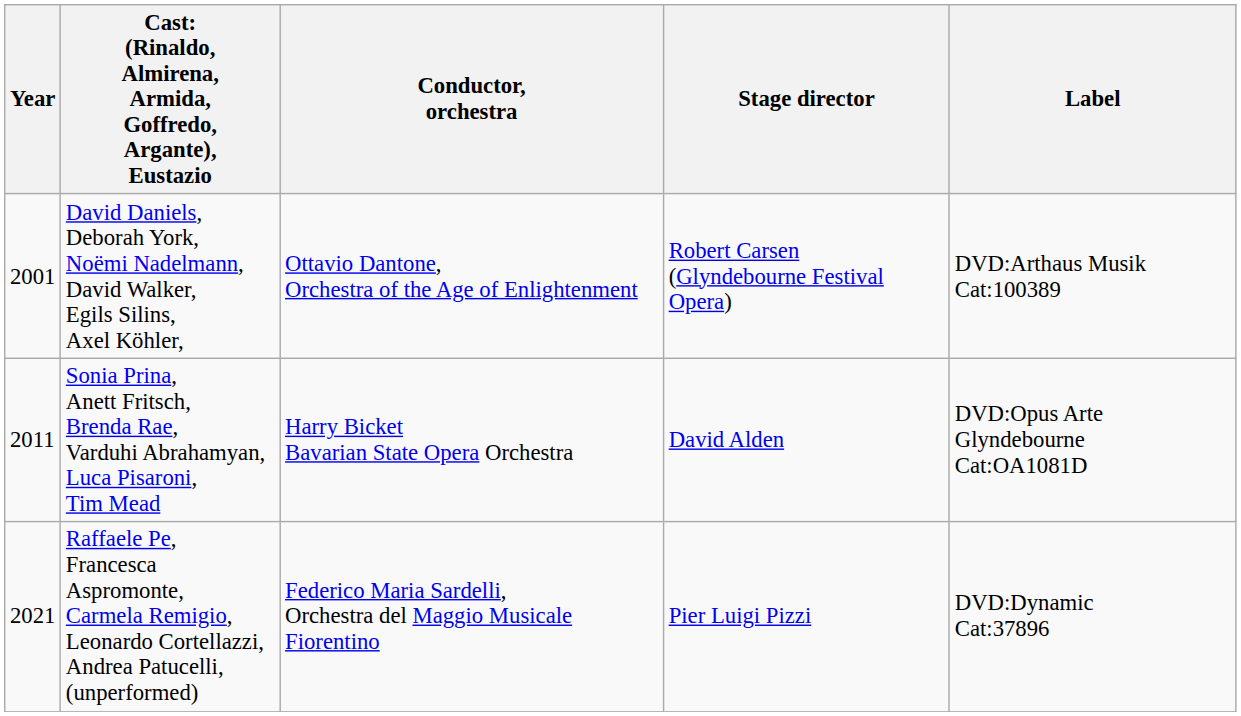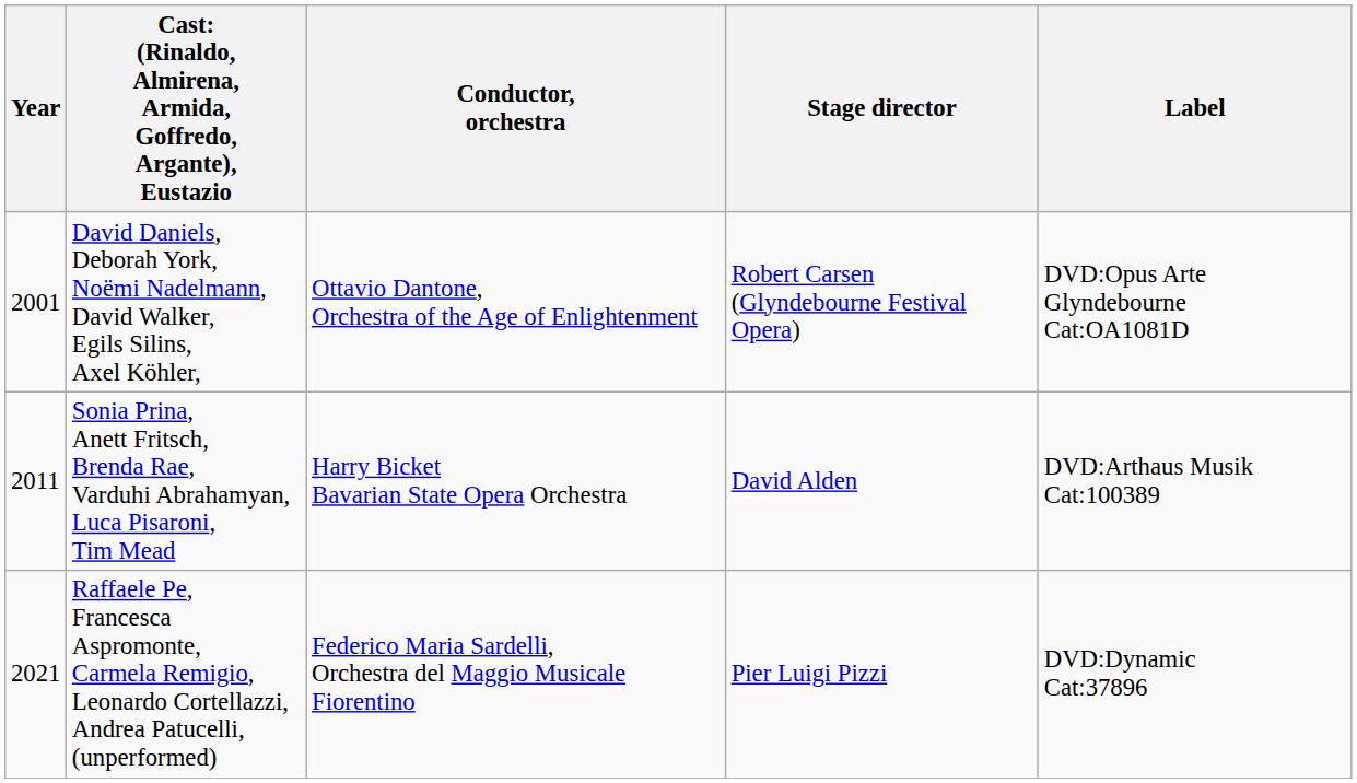 <table class="wikitable">
 <tr>
 <th>Year</th>
 <th>Cast:<br>(Rinaldo,<br>Almirena,<br>Armida,<br>Goffredo,<br>Argante),<br>Eustazio</th>
 <th>Conductor,<br>orchestra</th>
 <th>Stage director</th>
 <th>Label</th>
 </tr>
 <tr>
 <td>2001</td>
 <td><a href='#'>David Daniels</a>,<br>Deborah York,<br><a href='#'>Noëmi Nadelmann</a>,<br>David Walker,<br>Egils Silins,<br>Axel Köhler,<br></td>
 <td><a href='#'>Ottavio Dantone</a>,<br><a href='#'>Orchestra of the Age of Enlightenment</a></td>
 <td><a href='#'>Robert Carsen</a><br>(<a href='#'>Glyndebourne Festival Opera</a>)</td>
-<td>DVD:Arthaus Musik<br>Cat:100389</td>
+<td>DVD:Opus Arte Glyndebourne<br>Cat:OA1081D</td>
 </tr>
 <tr>
 <td>2011</td>
 <td><a href='#'>Sonia Prina</a>,<br>Anett Fritsch,<br><a href='#'>Brenda Rae</a>,<br>Varduhi Abrahamyan,<br><a href='#'>Luca Pisaroni</a>,<br><a href='#'>Tim Mead</a></td>
 <td><a href='#'>Harry Bicket</a><br><a href='#'>Bavarian State Opera</a> Orchestra</td>
 <td><a href='#'>David Alden</a></td>
-<td>DVD:Opus Arte Glyndebourne<br>Cat:OA1081D</td>
+<td>DVD:Arthaus Musik<br>Cat:100389</td>
 </tr>
 <tr>
 <td>2021</td>
 <td><a href='#'>Raffaele Pe</a>,<br>Francesca Aspromonte,<br><a href='#'>Carmela Remigio</a>,<br>Leonardo Cortellazzi,<br>Andrea Patucelli,<br>(unperformed)</td>
 <td><a href='#'>Federico Maria Sardelli</a>,<br>Orchestra del <a href='#'>Maggio Musicale Fiorentino</a></td>
 <td><a href='#'>Pier Luigi Pizzi</a><br></td>
 <td>DVD:Dynamic<br>Cat:37896</td>
 </tr>
 </table>
